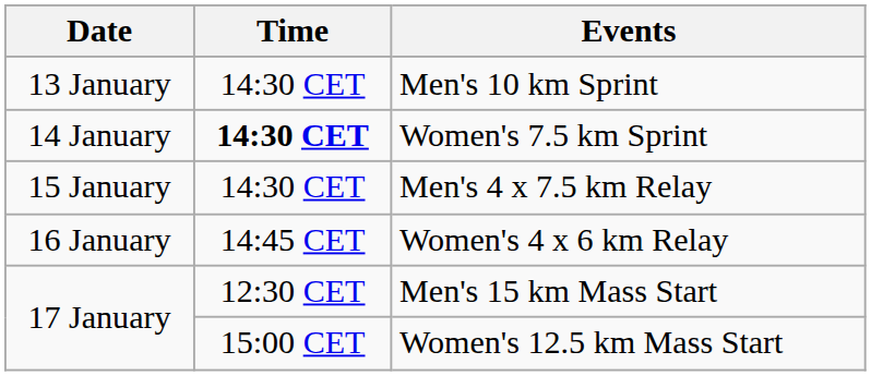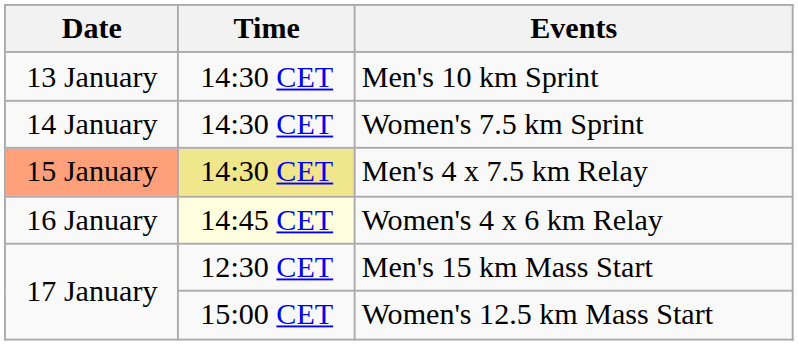 <table class="wikitable" style="text-align: center" width="420">
 <tr>
 <th>Date</th>
 <th>Time</th>
 <th>Events</th>
 </tr>
 <tr>
 <td rowspan=1>13 January</td>
 <td>14:30 <a href='#'>CET</a></td>
 <td style="text-align: left">Men's 10 km Sprint</td>
 </tr>
 <tr>
 <td rowspan=1>14 January</td>
-<td><strong>14:30 <a href='#'>CET</a></strong></td>
+<td>14:30 <a href='#'>CET</a></td>
 <td style="text-align: left">Women's 7.5 km Sprint</td>
 </tr>
 <tr>
-<td rowspan=1>15 January</td>
-<td>14:30 <a href='#'>CET</a></td>
+<td rowspan=1 style="background: lightsalmon;">15 January</td>
+<td style="background: khaki;">14:30 <a href='#'>CET</a></td>
 <td style="text-align: left">Men's 4 x 7.5 km Relay</td>
 </tr>
 <tr>
 <td rowspan=1>16 January</td>
-<td>14:45 <a href='#'>CET</a></td>
+<td style="background: lightyellow;">14:45 <a href='#'>CET</a></td>
 <td style="text-align: left">Women's 4 x 6 km Relay</td>
 </tr>
 <tr>
 <td rowspan=2>17 January</td>
 <td>12:30 <a href='#'>CET</a></td>
 <td style="text-align: left">Men's 15 km Mass Start</td>
 </tr>
 <tr>
 <td>15:00 <a href='#'>CET</a></td>
 <td style="text-align: left">Women's 12.5 km Mass Start</td>
 </tr>
 </table>
